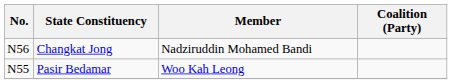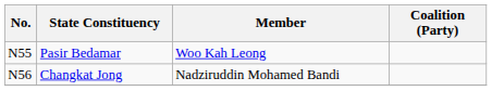 <table class="wikitable">
 <tr>
 <th width="30">No.</th>
 <th width="150">State Constituency</th>
 <th width="245">Member</th>
 <th width="105">Coalition (Party)</th>
 </tr>
 <tr>
+<td>N55</td>
+<td><a href='#'>Pasir Bedamar</a></td>
+<td><a href='#'>Woo Kah Leong</a></td>
+<td></td>
+</tr>
+<tr>
 <td>N56</td>
 <td><a href='#'>Changkat Jong</a></td>
 <td>Nadziruddin Mohamed Bandi</td>
 <td></td>
 </tr>
 <tr>
-<td>N55</td>
-<td><a href='#'>Pasir Bedamar</a></td>
-<td><a href='#'>Woo Kah Leong</a></td>
-<td></td>
-</tr>
-<tr>
 </tr>
 </table>
